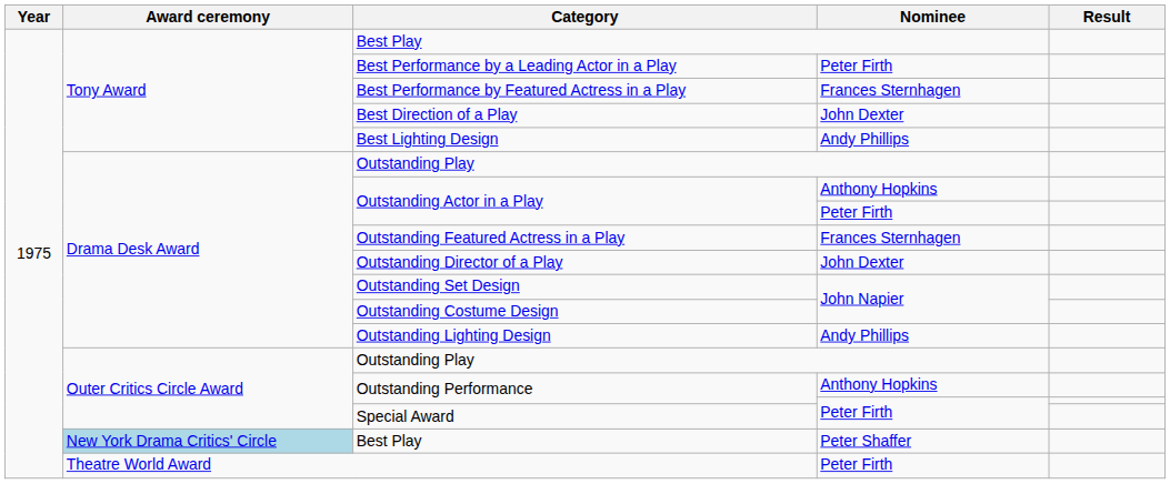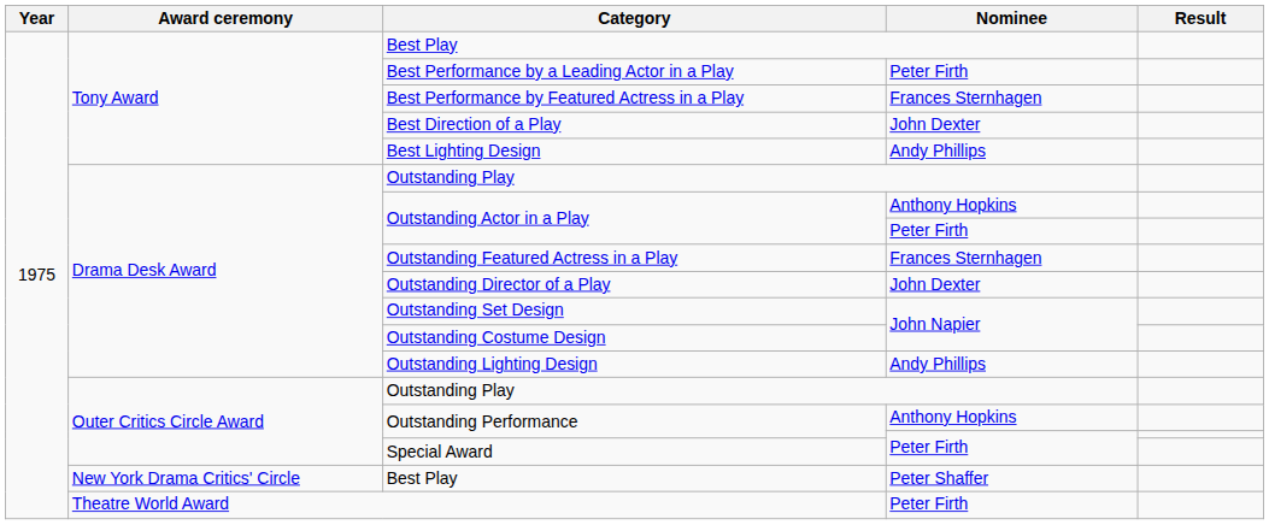 <table class="wikitable" width="95%">
 <tr>
 <th width="5%">Year</th>
 <th width="25%">Award ceremony</th>
 <th width="40%">Category</th>
 <th width="20%">Nominee</th>
 <th width="10%">Result</th>
 </tr>
 <tr>
 <td rowspan="19" align="center">1975</td>
 <td rowspan="5"><a href='#'>Tony Award</a></td>
 <td colspan="2"><a href='#'>Best Play</a></td>
 <td></td>
 </tr>
 <tr>
 <td><a href='#'>Best Performance by a Leading Actor in a Play</a></td>
 <td><a href='#'>Peter Firth</a></td>
 <td></td>
 </tr>
 <tr>
 <td><a href='#'>Best Performance by Featured Actress in a Play</a></td>
 <td><a href='#'>Frances Sternhagen</a></td>
 <td></td>
 </tr>
 <tr>
 <td><a href='#'>Best Direction of a Play</a></td>
 <td><a href='#'>John Dexter</a></td>
 <td></td>
 </tr>
 <tr>
 <td><a href='#'>Best Lighting Design</a></td>
 <td><a href='#'>Andy Phillips</a></td>
 <td></td>
 </tr>
 <tr>
 <td rowspan="8"><a href='#'>Drama Desk Award</a></td>
 <td colspan="2"><a href='#'>Outstanding Play</a></td>
 <td></td>
 </tr>
 <tr>
 <td rowspan="2"><a href='#'>Outstanding Actor in a Play</a></td>
 <td><a href='#'>Anthony Hopkins</a></td>
 <td></td>
 </tr>
 <tr>
 <td><a href='#'>Peter Firth</a></td>
 <td></td>
 </tr>
 <tr>
 <td><a href='#'>Outstanding Featured Actress in a Play</a></td>
 <td><a href='#'>Frances Sternhagen</a></td>
 <td></td>
 </tr>
 <tr>
 <td><a href='#'>Outstanding Director of a Play</a></td>
 <td><a href='#'>John Dexter</a></td>
 <td></td>
 </tr>
 <tr>
 <td><a href='#'>Outstanding Set Design</a></td>
 <td rowspan=2><a href='#'>John Napier</a></td>
 <td></td>
 </tr>
 <tr>
 <td><a href='#'>Outstanding Costume Design</a></td>
 <td></td>
 </tr>
 <tr>
 <td><a href='#'>Outstanding Lighting Design</a></td>
 <td><a href='#'>Andy Phillips</a></td>
 <td></td>
 </tr>
 <tr>
 <td rowspan=4><a href='#'>Outer Critics Circle Award</a></td>
 <td colspan=2>Outstanding Play</td>
 <td></td>
 </tr>
 <tr>
 <td rowspan=2>Outstanding Performance</td>
 <td><a href='#'>Anthony Hopkins</a></td>
 <td></td>
 </tr>
 <tr>
 <td rowspan=2><a href='#'>Peter Firth</a></td>
 <td></td>
 </tr>
 <tr>
 <td>Special Award</td>
 <td></td>
 </tr>
 <tr>
-<td style="background: lightblue;"><a href='#'>New York Drama Critics' Circle</a></td>
+<td><a href='#'>New York Drama Critics' Circle</a></td>
 <td>Best Play</td>
 <td><a href='#'>Peter Shaffer</a></td>
 <td></td>
 </tr>
 <tr>
 <td colspan=2><a href='#'>Theatre World Award</a></td>
 <td><a href='#'>Peter Firth</a></td>
 <td></td>
 </tr>
 </table>
